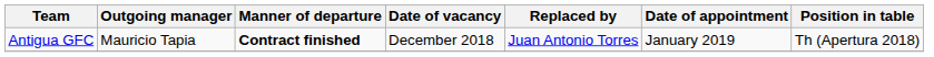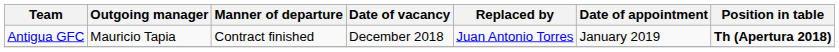 <table class="wikitable">
 <tr>
 <th>Team</th>
 <th>Outgoing manager</th>
 <th>Manner of departure</th>
 <th>Date of vacancy</th>
 <th>Replaced by</th>
 <th>Date of appointment</th>
 <th>Position in table</th>
 </tr>
 <tr>
 <td><a href='#'>Antigua GFC</a></td>
 <td> Mauricio Tapia</td>
-<td><strong>Contract finished</strong></td>
+<td>Contract finished</td>
 <td>December 2018</td>
 <td> <a href='#'>Juan Antonio Torres</a></td>
 <td>January 2019</td>
-<td>Th (Apertura 2018)</td>
+<td><strong>Th (Apertura 2018)</strong></td>
 </tr>
 <tr>
 </tr>
 </table>
